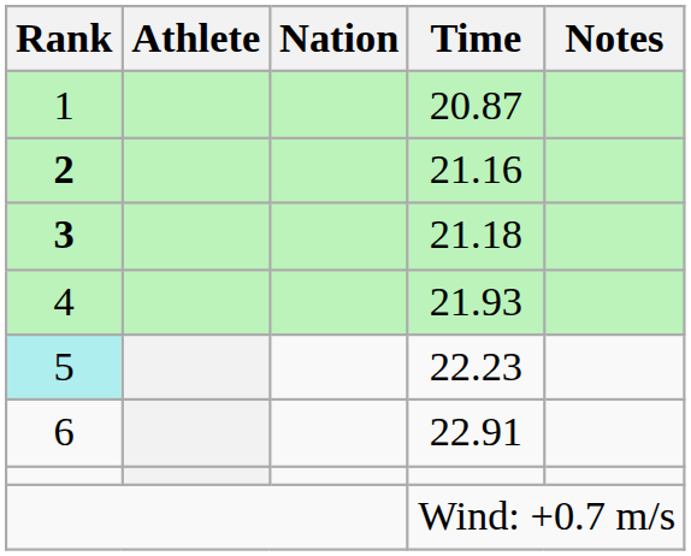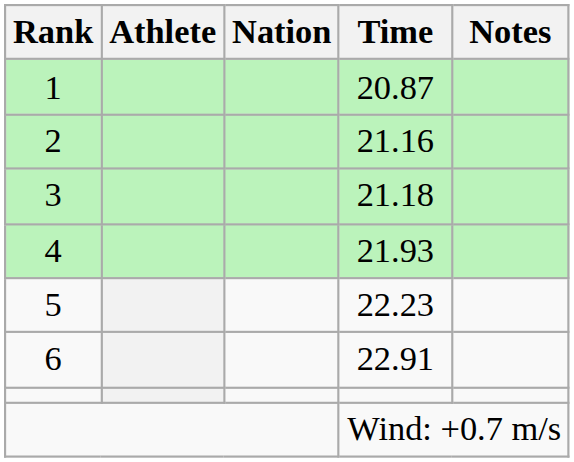 <table class="wikitable plainrowheaders sortable" style="text-align:center;">
 <tr>
 <th scope=col>Rank</th>
 <th scope=col>Athlete</th>
 <th scope=col>Nation</th>
 <th scope=col>Time</th>
 <th scope=col>Notes</th>
 </tr>
 <tr bgcolor=#bbf3bb>
 <td>1</td>
 <th scope=row style="background:#bbf3bb; text-align:left;"></th>
 <td align=left></td>
 <td>20.87</td>
 <td></td>
 </tr>
 <tr bgcolor=#bbf3bb>
-<td><strong>2</strong></td>
+<td>2</td>
 <th scope=row style="background:#bbf3bb; text-align:left;"></th>
 <td align=left></td>
 <td>21.16</td>
 <td></td>
 </tr>
 <tr bgcolor=#bbf3bb>
-<td><strong>3</strong></td>
+<td>3</td>
 <th scope=row style="background:#bbf3bb; text-align:left;"></th>
 <td align=left></td>
 <td>21.18</td>
 <td></td>
 </tr>
 <tr bgcolor=#bbf3bb>
 <td>4</td>
 <th scope=row style="background:#bbf3bb; text-align:left;"></th>
 <td align=left></td>
 <td>21.93</td>
 <td></td>
 </tr>
 <tr>
-<td style="background: paleturquoise;">5</td>
+<td>5</td>
 <th scope=row style=text-align:left;></th>
 <td align=left></td>
 <td>22.23</td>
 <td></td>
 </tr>
 <tr>
 <td>6</td>
 <th scope=row style=text-align:left;></th>
 <td align=left></td>
 <td>22.91</td>
 <td></td>
 </tr>
 <tr>
 <td></td>
 <th scope=row style=text-align:left;></th>
 <td align=left></td>
 <td></td>
 <td></td>
 </tr>
 <tr class=sortbottom>
 <td colspan=3></td>
 <td colspan=2 style=text-align:left;>Wind: +0.7 m/s</td>
 </tr>
 </table>
